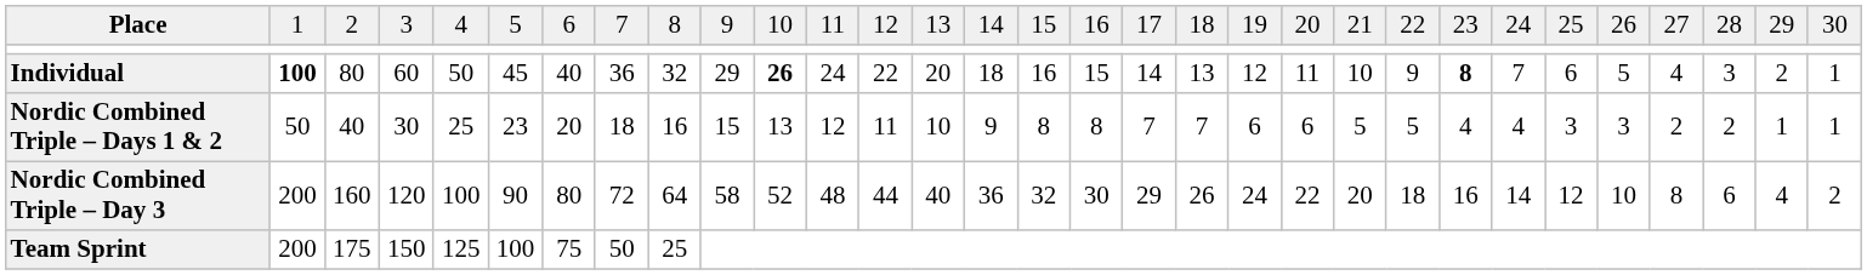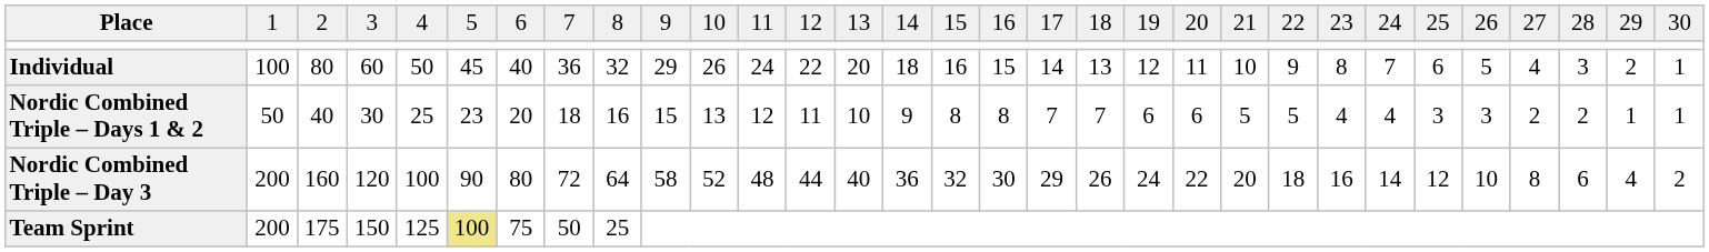 <table border="1" cellpadding="2" cellspacing="0" style="border:1px solid #C0C0C0; border-collapse:collapse; font-size:86%; margin-top:1em; text-align:center" width="1000">
 <tr bgcolor="#F0F0F0">
 <td width=150><strong>Place</strong></td>
 <td width=25>1</td>
 <td width=25>2</td>
 <td width=25>3</td>
 <td width=25>4</td>
 <td width=25>5</td>
 <td width=25>6</td>
 <td width=25>7</td>
 <td width=25>8</td>
 <td width=25>9</td>
 <td width=25>10</td>
 <td width=25>11</td>
 <td width=25>12</td>
 <td width=25>13</td>
 <td width=25>14</td>
 <td width=25>15</td>
 <td width=25>16</td>
 <td width=25>17</td>
 <td width=25>18</td>
 <td width=25>19</td>
 <td width=25>20</td>
 <td width=25>21</td>
 <td width=25>22</td>
 <td width=25>23</td>
 <td width=25>24</td>
 <td width=25>25</td>
 <td width=25>26</td>
 <td width=25>27</td>
 <td width=25>28</td>
 <td width=25>29</td>
 <td width=25>30</td>
 </tr>
 <tr>
 <td colspan=33></td>
 </tr>
 <tr>
 <td bgcolor="#F0F0F0" align=left><strong>Individual</strong></td>
-<td><strong>100</strong></td>
+<td>100</td>
 <td>80</td>
 <td>60</td>
 <td>50</td>
 <td>45</td>
 <td>40</td>
 <td>36</td>
 <td>32</td>
 <td>29</td>
-<td><strong>26</strong></td>
+<td>26</td>
 <td>24</td>
 <td>22</td>
 <td>20</td>
 <td>18</td>
 <td>16</td>
 <td>15</td>
 <td>14</td>
 <td>13</td>
 <td>12</td>
 <td>11</td>
 <td>10</td>
 <td>9</td>
-<td><strong>8</strong></td>
+<td>8</td>
 <td>7</td>
 <td>6</td>
 <td>5</td>
 <td>4</td>
 <td>3</td>
 <td>2</td>
 <td>1</td>
 </tr>
 <tr>
 <td bgcolor="#F0F0F0" align=left><strong>Nordic Combined Triple – Days 1 & 2</strong></td>
 <td>50</td>
 <td>40</td>
 <td>30</td>
 <td>25</td>
 <td>23</td>
 <td>20</td>
 <td>18</td>
 <td>16</td>
 <td>15</td>
 <td>13</td>
 <td>12</td>
 <td>11</td>
 <td>10</td>
 <td>9</td>
 <td>8</td>
 <td>8</td>
 <td>7</td>
 <td>7</td>
 <td>6</td>
 <td>6</td>
 <td>5</td>
 <td>5</td>
 <td>4</td>
 <td>4</td>
 <td>3</td>
 <td>3</td>
 <td>2</td>
 <td>2</td>
 <td>1</td>
 <td>1</td>
 </tr>
 <tr>
 <td bgcolor="#F0F0F0" align=left><strong>Nordic Combined Triple – Day 3</strong></td>
 <td>200</td>
 <td>160</td>
 <td>120</td>
 <td>100</td>
 <td>90</td>
 <td>80</td>
 <td>72</td>
 <td>64</td>
 <td>58</td>
 <td>52</td>
 <td>48</td>
 <td>44</td>
 <td>40</td>
 <td>36</td>
 <td>32</td>
 <td>30</td>
 <td>29</td>
 <td>26</td>
 <td>24</td>
 <td>22</td>
 <td>20</td>
 <td>18</td>
 <td>16</td>
 <td>14</td>
 <td>12</td>
 <td>10</td>
 <td>8</td>
 <td>6</td>
 <td>4</td>
 <td>2</td>
 </tr>
 <tr>
 <td bgcolor="#F0F0F0" align=left><strong>Team Sprint</strong></td>
 <td>200</td>
 <td>175</td>
 <td>150</td>
 <td>125</td>
-<td>100</td>
+<td style="background: khaki;">100</td>
 <td>75</td>
 <td>50</td>
 <td>25</td>
 </tr>
 </table>
